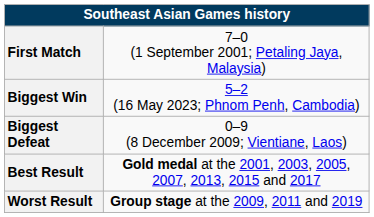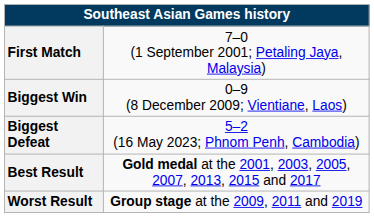 <table class="wikitable" style="text-align: center; font-size:100%; width: 425px">
 <tr>
 <th colspan="6" style="background: #013A5E; color: #FFFFFF;">Southeast Asian Games history</th>
 </tr>
 <tr>
 <th style="text-align: left;">First Match</th>
 <td align=center> 7–0 <br>(1 September 2001; <a href='#'>Petaling Jaya</a>, <a href='#'>Malaysia</a>)</td>
 </tr>
 <tr>
 <th style="text-align: left;">Biggest Win</th>
-<td align=center> <a href='#'>5–2</a> <br>(16 May 2023; <a href='#'>Phnom Penh</a>, <a href='#'>Cambodia</a>)</td>
+<td align=center> 0–9 <br>(8 December 2009; <a href='#'>Vientiane</a>, <a href='#'>Laos</a>)</td>
 </tr>
 <tr>
 <th style="text-align: left;">Biggest Defeat</th>
-<td align=center> 0–9 <br>(8 December 2009; <a href='#'>Vientiane</a>, <a href='#'>Laos</a>)</td>
+<td align=center> <a href='#'>5–2</a> <br>(16 May 2023; <a href='#'>Phnom Penh</a>, <a href='#'>Cambodia</a>)</td>
 </tr>
 <tr>
 <th style="text-align: left;">Best Result</th>
 <td align=center><strong>Gold medal</strong> at the <a href='#'>2001</a>, <a href='#'>2003</a>, <a href='#'>2005</a>,<br><a href='#'>2007</a>, <a href='#'>2013</a>, <a href='#'>2015</a> and <a href='#'>2017</a></td>
 </tr>
 <tr>
 <th style="text-align: left;">Worst Result</th>
 <td align=center><strong>Group stage</strong> at the <a href='#'>2009</a>, <a href='#'>2011</a> and <a href='#'>2019</a></td>
 </tr>
 </table>
